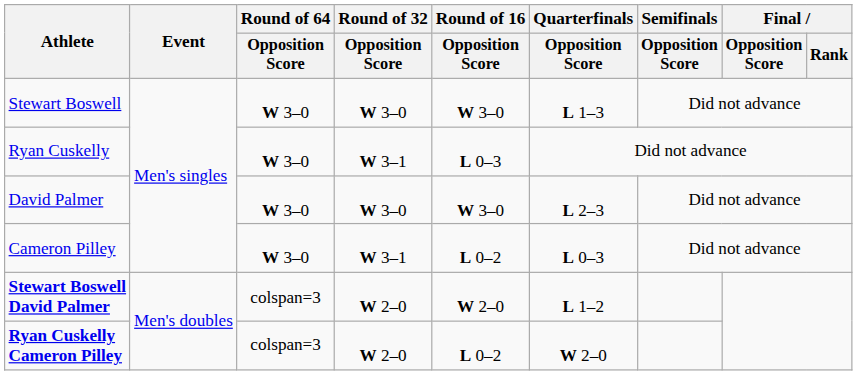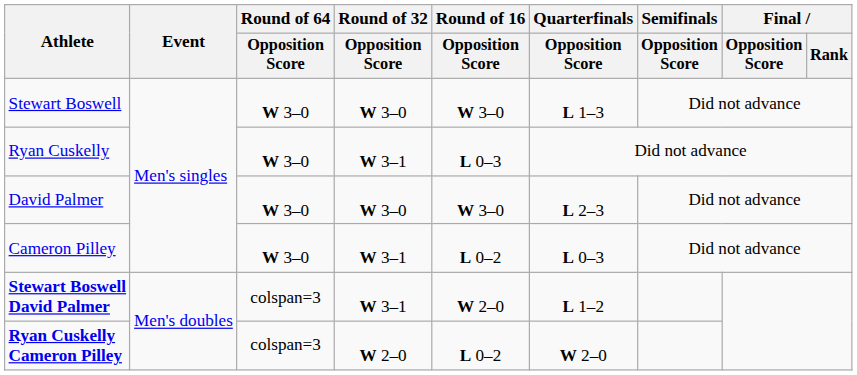 <table class=wikitable style="font-size:90%">
 <tr>
 <th rowspan="2">Athlete</th>
 <th rowspan="2">Event</th>
 <th>Round of 64</th>
 <th>Round of 32</th>
 <th>Round of 16</th>
 <th>Quarterfinals</th>
 <th>Semifinals</th>
 <th colspan=2>Final / </th>
 </tr>
 <tr style="font-size:95%">
 <th>Opposition<br>Score</th>
 <th>Opposition<br>Score</th>
 <th>Opposition<br>Score</th>
 <th>Opposition<br>Score</th>
 <th>Opposition<br>Score</th>
 <th>Opposition<br>Score</th>
 <th>Rank</th>
 </tr>
 <tr align=center>
 <td align=left><a href='#'>Stewart Boswell</a></td>
 <td align=left rowspan=4><a href='#'>Men's singles</a></td>
 <td><br><strong>W</strong> 3–0</td>
 <td><br><strong>W</strong> 3–0</td>
 <td><br><strong>W</strong> 3–0</td>
 <td><br><strong>L</strong> 1–3</td>
 <td colspan=3>Did not advance</td>
 </tr>
 <tr align=center>
 <td align=left><a href='#'>Ryan Cuskelly</a></td>
 <td><br><strong>W</strong> 3–0</td>
 <td><br><strong>W</strong> 3–1</td>
 <td><br><strong>L</strong> 0–3</td>
 <td colspan=4>Did not advance</td>
 </tr>
 <tr align=center>
 <td align=left><a href='#'>David Palmer</a></td>
 <td><br><strong>W</strong> 3–0</td>
 <td><br><strong>W</strong> 3–0</td>
 <td><br><strong>W</strong> 3–0</td>
 <td><br><strong>L</strong> 2–3</td>
 <td colspan=3>Did not advance</td>
 </tr>
 <tr align=center>
 <td align=left><a href='#'>Cameron Pilley</a></td>
 <td><br><strong>W</strong> 3–0</td>
 <td><br><strong>W</strong> 3–1</td>
 <td><br><strong>L</strong> 0–2</td>
 <td><br><strong>L</strong> 0–3</td>
 <td colspan=3>Did not advance</td>
 </tr>
 <tr align=center>
 <td align=left><strong><a href='#'>Stewart Boswell</a><br><a href='#'>David Palmer</a></strong></td>
 <td align=left rowspan=2><a href='#'>Men's doubles</a></td>
 <td>colspan=3 </td>
-<td><br><strong>W</strong> 2–0</td>
+<td><br><strong>W</strong> 3–1</td>
 <td><br><strong>W</strong> 2–0</td>
 <td><br><strong>L</strong> 1–2</td>
 <td></td>
 </tr>
 <tr align=center>
 <td align=left><strong><a href='#'>Ryan Cuskelly</a><br><a href='#'>Cameron Pilley</a></strong></td>
 <td>colspan=3 </td>
 <td><br><strong>W</strong> 2–0</td>
 <td><br><strong>L</strong> 0–2</td>
 <td><br><strong>W</strong> 2–0</td>
 <td></td>
 </tr>
 </table>
